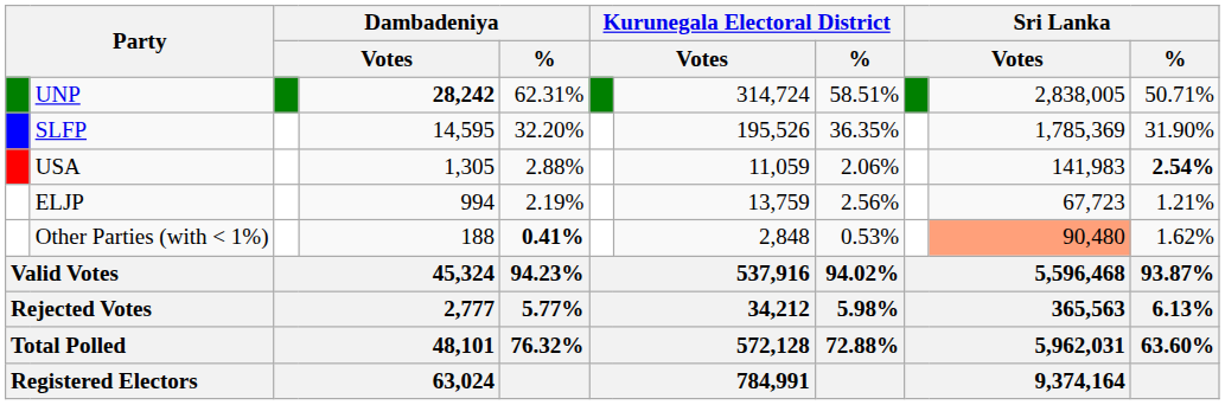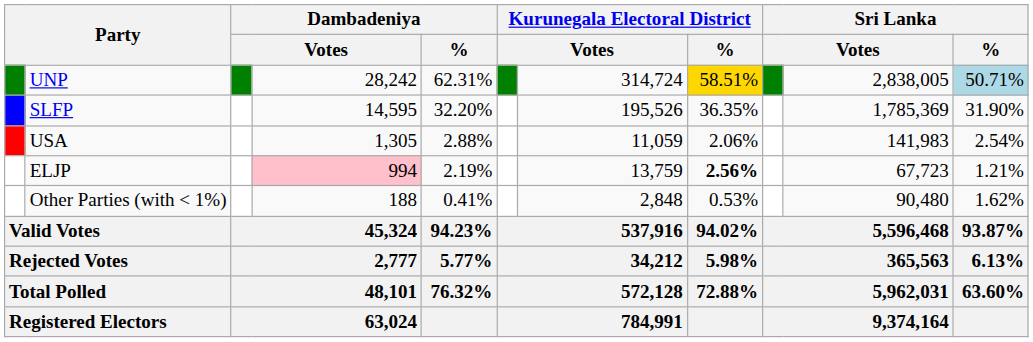 <table class="wikitable">
 <tr>
 <th colspan="2" width="144px"rowspan="2">Party</th>
 <th colspan="3" width="216px">Dambadeniya</th>
 <th colspan="3" width="216px"><a href='#'>Kurunegala Electoral District</a></th>
 <th colspan="3" width="216px">Sri Lanka</th>
 </tr>
 <tr>
 <th colspan="2" width="144px">Votes</th>
 <th>%</th>
 <th colspan="2" width="144px">Votes</th>
 <th>%</th>
 <th colspan="2" width="144px">Votes</th>
 <th>%</th>
 </tr>
 <tr>
 <td style="background-color:green;" width="10px"></td>
 <td style="text-align:left;"><a href='#'>UNP</a></td>
 <td style="background-color:green;" width="10px"></td>
-<td style="text-align:right;"><strong>28,242</strong></td>
+<td style="text-align:right;">28,242</td>
 <td style="text-align:right;">62.31%</td>
 <td style="background-color:green;" width="10px"></td>
 <td style="text-align:right;">314,724</td>
-<td style="text-align:right;">58.51%</td>
+<td style="background: gold; text-align:right;">58.51%</td>
 <td style="background-color:green;" width="10px"></td>
 <td style="text-align:right;">2,838,005</td>
-<td style="text-align:right;">50.71%</td>
+<td style="background: lightblue; text-align:right;">50.71%</td>
 </tr>
 <tr>
 <td style="background-color:blue;" width="10px"></td>
 <td style="text-align:left;"><a href='#'>SLFP</a></td>
 <td style="background-color:white;" width="10px"></td>
 <td style="text-align:right;">14,595</td>
 <td style="text-align:right;">32.20%</td>
 <td style="background-color:white;" width="10px"></td>
 <td style="text-align:right;">195,526</td>
 <td style="text-align:right;">36.35%</td>
 <td style="background-color:white;" width="10px"></td>
 <td style="text-align:right;">1,785,369</td>
 <td style="text-align:right;">31.90%</td>
 </tr>
 <tr>
 <td style="background-color:red;" width="10px"></td>
 <td style="text-align:left;">USA</td>
 <td style="background-color:white;" width="10px"></td>
 <td style="text-align:right;">1,305</td>
 <td style="text-align:right;">2.88%</td>
 <td style="background-color:white;" width="10px"></td>
 <td style="text-align:right;">11,059</td>
 <td style="text-align:right;">2.06%</td>
 <td style="background-color:white;" width="10px"></td>
 <td style="text-align:right;">141,983</td>
-<td style="text-align:right;"><strong>2.54%</strong></td>
+<td style="text-align:right;">2.54%</td>
 </tr>
 <tr>
 <td style="background-color:white;" width="10px"></td>
 <td style="text-align:left;">ELJP</td>
 <td style="background-color:white;" width="10px"></td>
-<td style="text-align:right;">994</td>
+<td style="background: pink; text-align:right;">994</td>
 <td style="text-align:right;">2.19%</td>
 <td style="background-color:white;" width="10px"></td>
 <td style="text-align:right;">13,759</td>
-<td style="text-align:right;">2.56%</td>
+<td style="text-align:right;"><strong>2.56%</strong></td>
 <td style="background-color:white;" width="10px"></td>
 <td style="text-align:right;">67,723</td>
 <td style="text-align:right;">1.21%</td>
 </tr>
 <tr>
 <td style="background-color:white;" width="10px"></td>
 <td style="text-align:left;">Other Parties (with < 1%)</td>
 <td style="background-color:white;" width="10px"></td>
 <td style="text-align:right;">188</td>
-<td style="text-align:right;"><strong>0.41%</strong></td>
+<td style="text-align:right;">0.41%</td>
 <td style="background-color:white;" width="10px"></td>
 <td style="text-align:right;">2,848</td>
 <td style="text-align:right;">0.53%</td>
 <td style="background-color:white;" width="10px"></td>
-<td style="background: lightsalmon; text-align:right;">90,480</td>
+<td style="text-align:right;">90,480</td>
 <td style="text-align:right;">1.62%</td>
 </tr>
 <tr>
 <th colspan="2" width="144px"style="text-align:left;">Valid Votes</th>
 <th style="text-align:right;"colspan="2" width="144px">45,324</th>
 <th style="text-align:right;">94.23%</th>
 <th style="text-align:right;"colspan="2" width="144px">537,916</th>
 <th style="text-align:right;">94.02%</th>
 <th style="text-align:right;"colspan="2" width="144px">5,596,468</th>
 <th style="text-align:right;">93.87%</th>
 </tr>
 <tr>
 <th colspan="2" width="144px"style="text-align:left;">Rejected Votes</th>
 <th style="text-align:right;"colspan="2" width="144px">2,777</th>
 <th style="text-align:right;">5.77%</th>
 <th style="text-align:right;"colspan="2" width="144px">34,212</th>
 <th style="text-align:right;">5.98%</th>
 <th style="text-align:right;"colspan="2" width="144px">365,563</th>
 <th style="text-align:right;">6.13%</th>
 </tr>
 <tr>
 <th colspan="2" width="144px"style="text-align:left;">Total Polled</th>
 <th style="text-align:right;"colspan="2" width="144px">48,101</th>
 <th style="text-align:right;">76.32%</th>
 <th style="text-align:right;"colspan="2" width="144px">572,128</th>
 <th style="text-align:right;">72.88%</th>
 <th style="text-align:right;"colspan="2" width="144px">5,962,031</th>
 <th style="text-align:right;">63.60%</th>
 </tr>
 <tr>
 <th colspan="2" width="144px"style="text-align:left;">Registered Electors</th>
 <th style="text-align:right;"colspan="2" width="144px">63,024</th>
 <th></th>
 <th style="text-align:right;"colspan="2" width="144px">784,991</th>
 <th></th>
 <th style="text-align:right;"colspan="2" width="144px">9,374,164</th>
 <th></th>
 </tr>
 </table>
